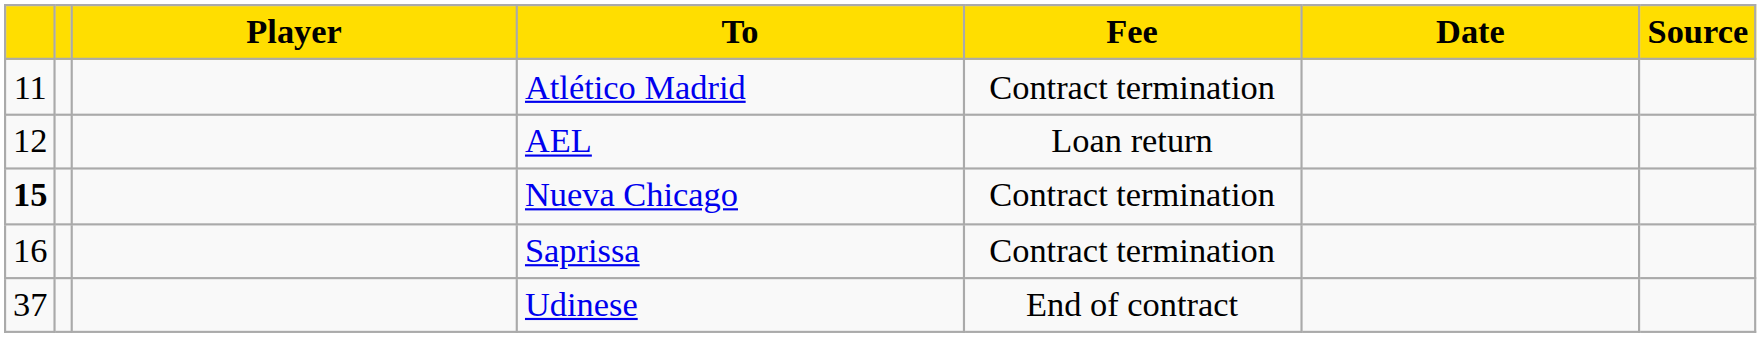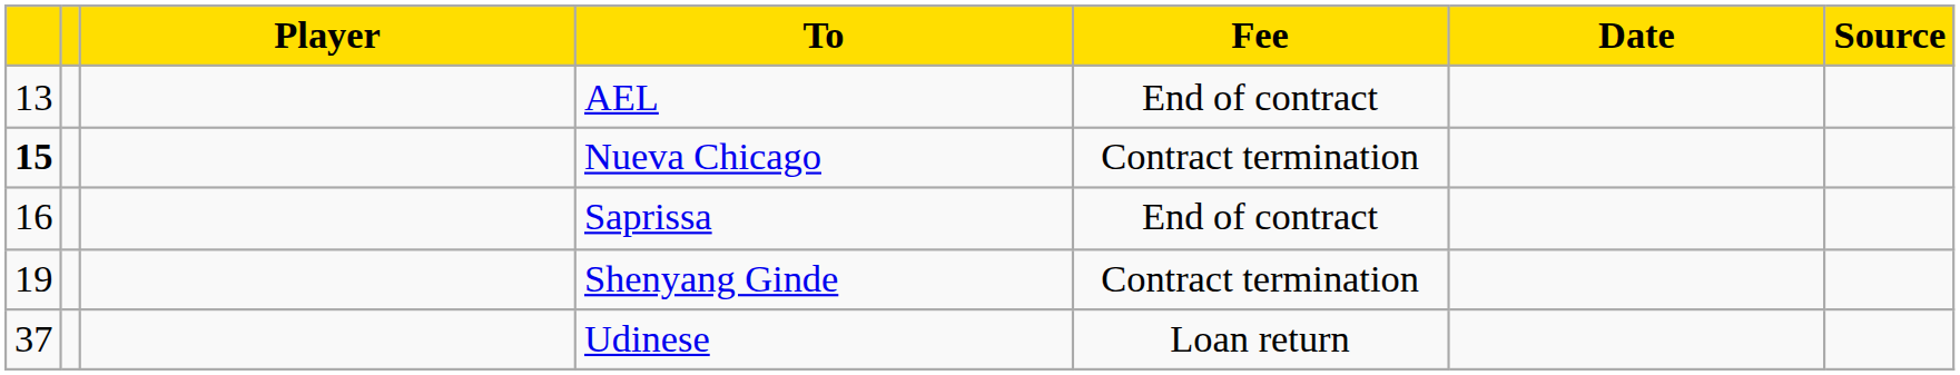 <table class="wikitable sortable">
 <tr>
 <th style="background:#FFDE00"></th>
 <th style="background:#FFDE00"></th>
 <th width=200 style="background:#FFDE00">Player</th>
 <th width=200 style="background:#FFDE00">To</th>
 <th width=150 style="background:#FFDE00">Fee</th>
 <th width=150 style="background:#FFDE00">Date</th>
 <th style="background:#FFDE00">Source</th>
 </tr>
 <tr>
-<td align=center>11</td>
-<td align=center></td>
-<td></td>
-<td> <a href='#'>Atlético Madrid</a></td>
-<td align=center>Contract termination</td>
-<td align=center></td>
-<td align=center></td>
-</tr>
-<tr>
-<td align=center>12</td>
+<td align=center>13</td>
 <td align=center></td>
 <td></td>
 <td> <a href='#'>AEL</a></td>
-<td align=center>Loan return</td>
+<td align=center>End of contract</td>
 <td align=center></td>
 <td align=center></td>
 </tr>
 <tr>
 <td align=center><strong>15</strong></td>
 <td align=center></td>
 <td></td>
 <td> <a href='#'>Nueva Chicago</a></td>
 <td align=center>Contract termination</td>
 <td align=center></td>
 <td align=center></td>
 </tr>
 <tr>
 <td align=center>16</td>
 <td align=center></td>
 <td></td>
 <td> <a href='#'>Saprissa</a></td>
+<td align=center>End of contract</td>
+<td align=center></td>
+<td align=center></td>
+</tr>
+<tr>
+<td align=center>19</td>
+<td align=center></td>
+<td></td>
+<td> <a href='#'>Shenyang Ginde</a></td>
 <td align=center>Contract termination</td>
 <td align=center></td>
 <td align=center></td>
 </tr>
 <tr>
 <td align=center>37</td>
 <td align=center></td>
 <td></td>
 <td> <a href='#'>Udinese</a></td>
-<td align=center>End of contract</td>
+<td align=center>Loan return</td>
 <td align=center></td>
 <td align=center></td>
 </tr>
 </table>
